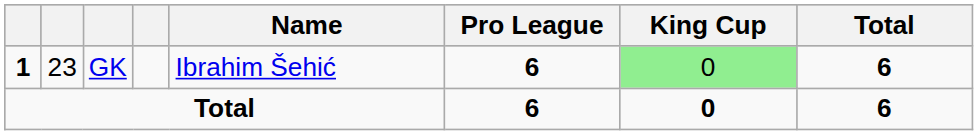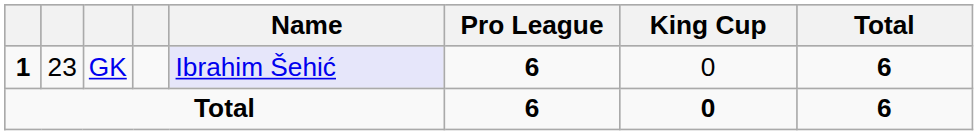 <table class="wikitable" style="text-align:center">
 <tr>
 <th width=15></th>
 <th width=15></th>
 <th width=15></th>
 <th width=15></th>
 <th width=160>Name</th>
 <th width=100>Pro League</th>
 <th width=100>King Cup</th>
 <th width=100>Total</th>
 </tr>
 <tr>
 <td><strong>1</strong></td>
 <td>23</td>
 <td><a href='#'>GK</a></td>
 <td></td>
-<td align=left><a href='#'>Ibrahim Šehić</a></td>
+<td align=left style="background: lavender;"><a href='#'>Ibrahim Šehić</a></td>
 <td><strong>6</strong></td>
-<td style="background: lightgreen;">0</td>
+<td>0</td>
 <td><strong>6</strong></td>
 </tr>
 <tr>
 <td colspan=5><strong>Total</strong></td>
 <td><strong>6</strong></td>
 <td><strong>0</strong></td>
 <td><strong>6</strong></td>
 </tr>
 </table>
